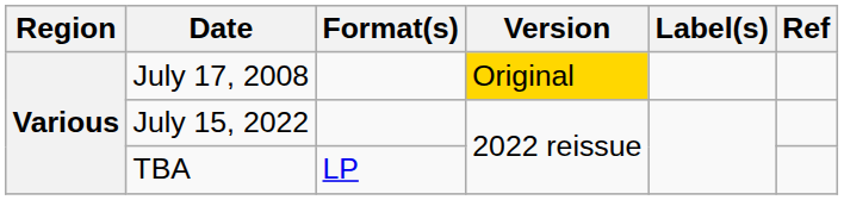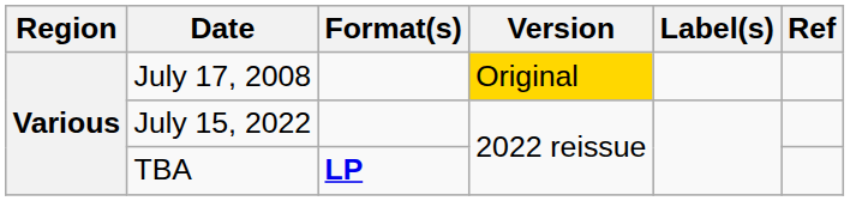 <table class="wikitable plainrowheaders">
 <tr>
 <th scope="col">Region</th>
 <th scope="col">Date</th>
 <th scope="col">Format(s)</th>
 <th scope="col">Version</th>
 <th scope="col">Label(s)</th>
 <th scope="col">Ref</th>
 </tr>
 <tr>
 <th scope="row" rowspan="3">Various</th>
 <td>July 17, 2008</td>
 <td></td>
 <td rowspan="1" style="background: gold;">Original</td>
 <td rowspan="1"></td>
 <td style="text-align:center;"></td>
 </tr>
 <tr>
 <td>July 15, 2022</td>
 <td></td>
 <td rowspan="2">2022 reissue</td>
 <td rowspan="2"></td>
 <td style="text-align:center;"></td>
 </tr>
 <tr>
 <td>TBA</td>
-<td><a href='#'>LP</a></td>
+<td><strong><a href='#'>LP</a></strong></td>
 <td style="text-align:center;"></td>
 </tr>
 </table>
